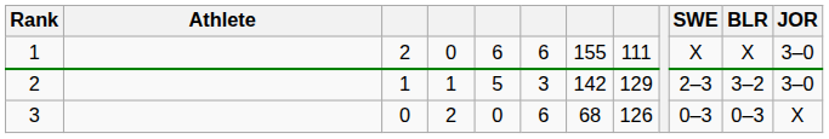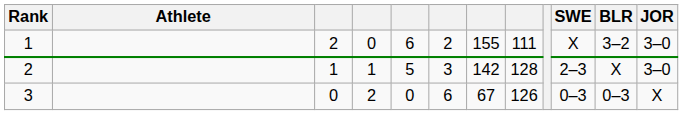 <table class="wikitable" style="text-align:center">
 <tr>
 <th>Rank</th>
 <th width=250>Athlete</th>
 <th width=30></th>
 <th width=30></th>
 <th width=30></th>
 <th width=30></th>
 <th width=30></th>
 <th width=30></th>
 <th rowspan=4></th>
 <th width=30>SWE</th>
 <th width=30>BLR</th>
 <th width=30>JOR</th>
 </tr>
 <tr style="border-bottom:2px solid green;">
 <td>1</td>
 <td align=left></td>
 <td>2</td>
 <td>0</td>
 <td>6</td>
-<td>6</td>
+<td>2</td>
 <td>155</td>
 <td>111</td>
 <td>X</td>
-<td>X</td>
+<td>3–2</td>
 <td>3–0</td>
 </tr>
 <tr>
 <td>2</td>
 <td align=left></td>
 <td>1</td>
 <td>1</td>
 <td>5</td>
 <td>3</td>
 <td>142</td>
-<td>129</td>
+<td>128</td>
 <td>2–3</td>
-<td>3–2</td>
+<td>X</td>
 <td>3–0</td>
 </tr>
 <tr>
 <td>3</td>
 <td align=left></td>
 <td>0</td>
 <td>2</td>
 <td>0</td>
 <td>6</td>
-<td>68</td>
+<td>67</td>
 <td>126</td>
 <td>0–3</td>
 <td>0–3</td>
 <td>X</td>
 </tr>
 </table>
